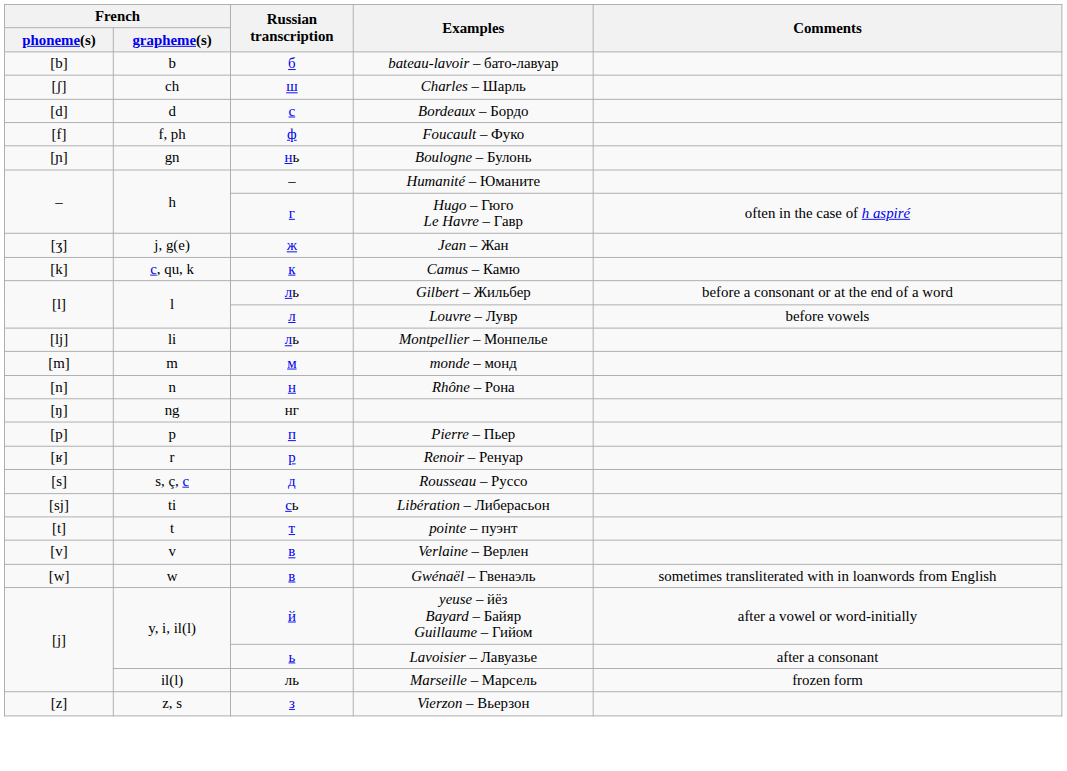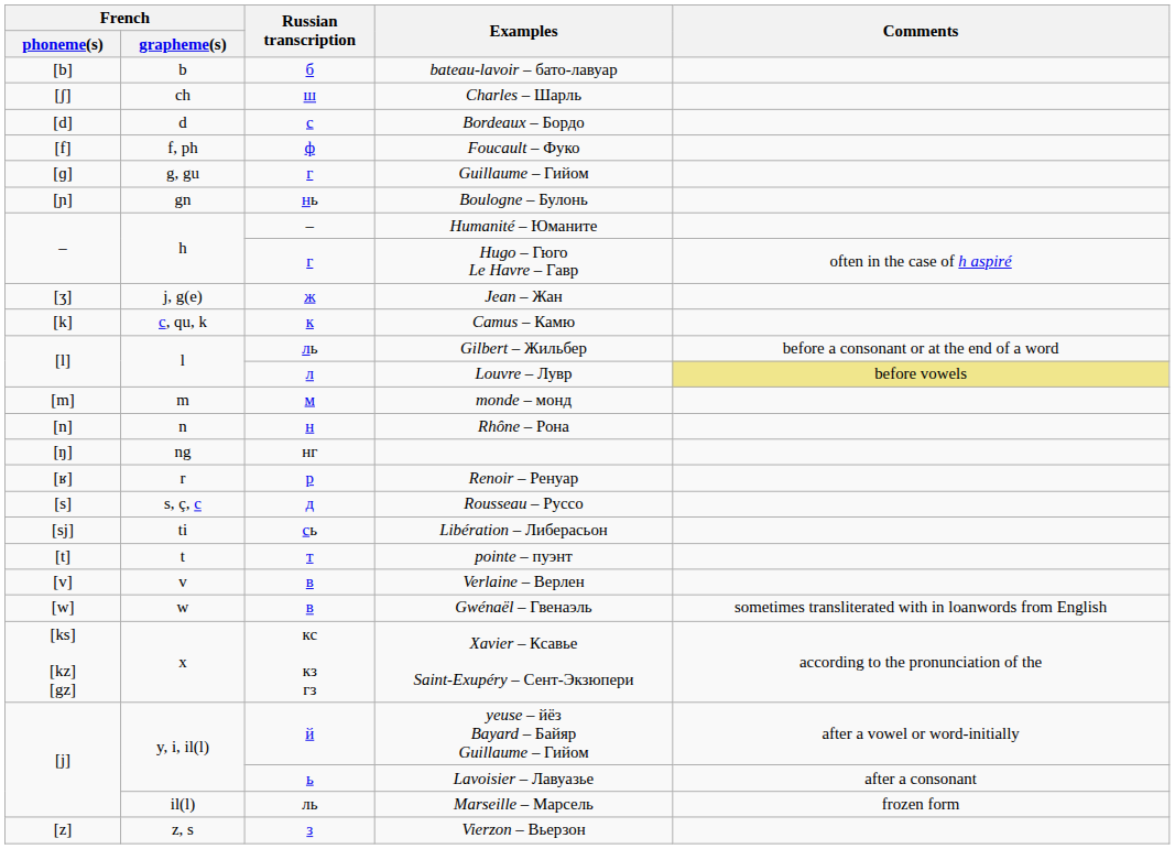 <table class="wikitable" style="text-align: center; width: 90%; margin-bottom: 10px;">
 <tr>
 <th scope="col" colspan=2>French</th>
 <th scope="col" rowspan=2>Russian<br>transcription</th>
 <th scope="col" rowspan=2>Examples</th>
 <th scope="col" rowspan=2>Comments</th>
 </tr>
 <tr>
 <th scope="col"><a href='#'>phoneme</a>(s)</th>
 <th scope="col"><a href='#'>grapheme</a>(s)</th>
 </tr>
 <tr>
 <td>[b]</td>
 <td>b</td>
 <td><a href='#'>б</a></td>
 <td><em>bateau-lavoir</em> – бато-лавуар</td>
 <td></td>
 </tr>
 <tr>
 <td>[ʃ]</td>
 <td>ch</td>
 <td><a href='#'>ш</a></td>
 <td><em>Charles</em> – Шарль</td>
 <td></td>
 </tr>
 <tr>
 <td>[d]</td>
 <td>d</td>
 <td><a href='#'>с</a></td>
 <td><em>Bordeaux</em> – Бордо</td>
 <td></td>
 </tr>
 <tr>
 <td>[f]</td>
 <td>f, ph</td>
 <td><a href='#'>ф</a></td>
 <td><em>Foucault</em> – Фуко</td>
+<td></td>
+</tr>
+<tr>
+<td>[ɡ]</td>
+<td>g, gu</td>
+<td><a href='#'>г</a></td>
+<td><em>Guillaume</em> – Гийом</td>
 <td></td>
 </tr>
 <tr>
 <td>[ɲ]</td>
 <td>gn</td>
 <td><a href='#'>н</a>ь</td>
 <td><em>Boulogne</em> – Булонь</td>
 <td></td>
 </tr>
 <tr>
 <td rowspan=2>–</td>
 <td rowspan=2>h</td>
 <td>–</td>
 <td><em>Humanité</em> – Юманите</td>
 <td></td>
 </tr>
 <tr>
 <td><a href='#'>г</a></td>
 <td><em>Hugo</em> – Гюго<br><em>Le Havre</em> – Гавр</td>
 <td>often in the case of <em> <a href='#'>h aspiré</a></em></td>
 </tr>
 <tr>
 <td>[ʒ]</td>
 <td>j, g(e)</td>
 <td><a href='#'>ж</a></td>
 <td><em>Jean</em> – Жан</td>
 <td></td>
 </tr>
 <tr>
 <td>[k]</td>
 <td><a href='#'>c</a>, qu, k</td>
 <td><a href='#'>к</a></td>
 <td><em>Camus</em> – Камю</td>
 <td></td>
 </tr>
 <tr>
 <td rowspan="2">[l]</td>
 <td rowspan="2">l</td>
 <td><a href='#'>л</a>ь</td>
 <td><em>Gilbert</em> – Жильбер</td>
 <td>before a consonant or at the end of a word</td>
 </tr>
 <tr>
 <td><a href='#'>л</a></td>
 <td><em>Louvre</em> – Лувр</td>
-<td>before vowels</td>
-</tr>
-<tr>
-<td>[lj]</td>
-<td>li</td>
-<td><a href='#'>л</a>ь</td>
-<td><em>Montpellier</em> – Монпелье</td>
-<td></td>
+<td style="background: khaki;">before vowels</td>
 </tr>
 <tr>
 <td>[m]</td>
 <td>m</td>
 <td><a href='#'>м</a></td>
 <td><em>monde</em> – монд</td>
 <td></td>
 </tr>
 <tr>
 <td>[n]</td>
 <td>n</td>
 <td><a href='#'>н</a></td>
 <td><em>Rhône</em> – Рона</td>
 <td></td>
 </tr>
 <tr>
 <td>[ŋ]</td>
 <td>ng</td>
 <td>нг</td>
 <td></td>
-<td></td>
-</tr>
-<tr>
-<td>[p]</td>
-<td>p</td>
-<td><a href='#'>п</a></td>
-<td><em>Pierre</em> – Пьер</td>
 <td></td>
 </tr>
 <tr>
 <td>[ʁ]</td>
 <td>r</td>
 <td><a href='#'>р</a></td>
 <td><em>Renoir</em> – Ренуар</td>
 <td></td>
 </tr>
 <tr>
 <td>[s]</td>
 <td>s, ç, <a href='#'>c</a></td>
 <td><a href='#'>д</a></td>
 <td><em>Rousseau</em> – Руссо</td>
 <td></td>
 </tr>
 <tr>
 <td>[sj]</td>
 <td>ti</td>
 <td><a href='#'>с</a>ь</td>
 <td><em>Libération</em> – Либерасьон</td>
 <td></td>
 </tr>
 <tr>
 <td>[t]</td>
 <td>t</td>
 <td><a href='#'>т</a></td>
 <td><em>pointe</em> – пуэнт</td>
 <td></td>
 </tr>
 <tr>
 <td>[v]</td>
 <td>v</td>
 <td><a href='#'>в</a></td>
 <td><em>Verlaine</em> – Верлен</td>
 <td></td>
 </tr>
 <tr>
 <td>[w]</td>
 <td>w</td>
 <td><a href='#'>в</a></td>
 <td><em>Gwénaël</em> – Гвенаэль</td>
 <td>sometimes transliterated with  in loanwords from English</td>
 </tr>
 <tr>
+<td>[ks]<br><br>[kz]<br> [gz]</td>
+<td>x</td>
+<td>кс<br><br>кз<br> гз</td>
+<td><em>Xavier</em> – Ксавье<br><br><em>Saint-Exupéry</em> – Сент-Экзюпери<br></td>
+<td>according to the pronunciation of the </td>
+</tr>
+<tr>
 <td rowspan="3">[j]</td>
 <td rowspan="2">y, i, il(l)</td>
 <td><a href='#'>й</a></td>
 <td><em>yeuse</em> – йёз<br><em>Bayard</em> – Байяр<br><em>Guillaume</em> – Гийом</td>
 <td>after a vowel or word-initially</td>
 </tr>
 <tr>
 <td><a href='#'>ь</a></td>
 <td><em>Lavoisier</em> – Лавуазье</td>
 <td>after a consonant</td>
 </tr>
 <tr>
 <td>il(l)</td>
 <td>ль</td>
 <td><em>Marseille</em> – Марсель</td>
 <td>frozen form</td>
 </tr>
 <tr>
 <td>[z]</td>
 <td>z, s</td>
 <td><a href='#'>з</a></td>
 <td><em>Vierzon</em> – Вьерзон</td>
 <td></td>
 </tr>
 </table>
